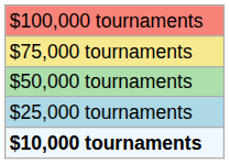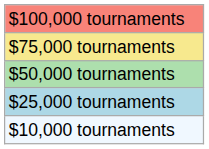 <table class="wikitable" style="font-size:90%;" width=13%>
 <tr style="background:#f88379;">
 <td>$100,000 tournaments</td>
 </tr>
 <tr style="background:#f7e98e;">
 <td>$75,000 tournaments</td>
 </tr>
 <tr style="background:#addfad;">
 <td>$50,000 tournaments</td>
 </tr>
 <tr style="background:lightblue;">
 <td>$25,000 tournaments</td>
 </tr>
 <tr style="background:#f0f8ff;">
-<td><strong>$10,000 tournaments</strong></td>
+<td>$10,000 tournaments</td>
 </tr>
 </table>
